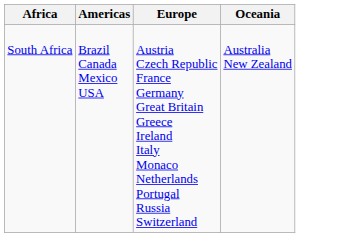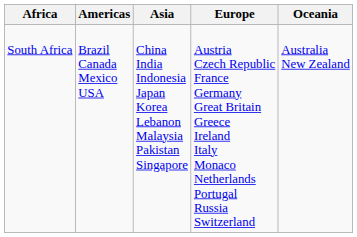 <table class="wikitable">
 <tr>
 <th>Africa</th>
 <th>Americas</th>
+<th>Asia</th>
 <th>Europe</th>
 <th>Oceania</th>
 </tr>
 <tr valign="top">
 <td><br> <a href='#'>South Africa</a><br></td>
 <td><br> <a href='#'>Brazil</a><br>  <a href='#'>Canada</a><br>  <a href='#'>Mexico</a><br>  <a href='#'>USA</a><br></td>
+<td><br> <a href='#'>China</a><br>  <a href='#'>India</a><br>  <a href='#'>Indonesia</a><br>  <a href='#'>Japan</a><br>  <a href='#'>Korea</a><br>  <a href='#'>Lebanon</a><br>  <a href='#'>Malaysia</a><br>  <a href='#'>Pakistan</a><br>  <a href='#'>Singapore</a><br></td>
 <td><br> <a href='#'>Austria</a><br>  <a href='#'>Czech Republic</a><br>  <a href='#'>France</a><br>  <a href='#'>Germany</a><br>  <a href='#'>Great Britain</a><br>  <a href='#'>Greece</a><br>  <a href='#'>Ireland</a><br>  <a href='#'>Italy</a><br>  <a href='#'>Monaco</a><br>  <a href='#'>Netherlands</a><br>  <a href='#'>Portugal</a><br>  <a href='#'>Russia</a><br>  <a href='#'>Switzerland</a><br></td>
 <td><br> <a href='#'>Australia</a><br>  <a href='#'>New Zealand</a><br></td>
 </tr>
 </table>
